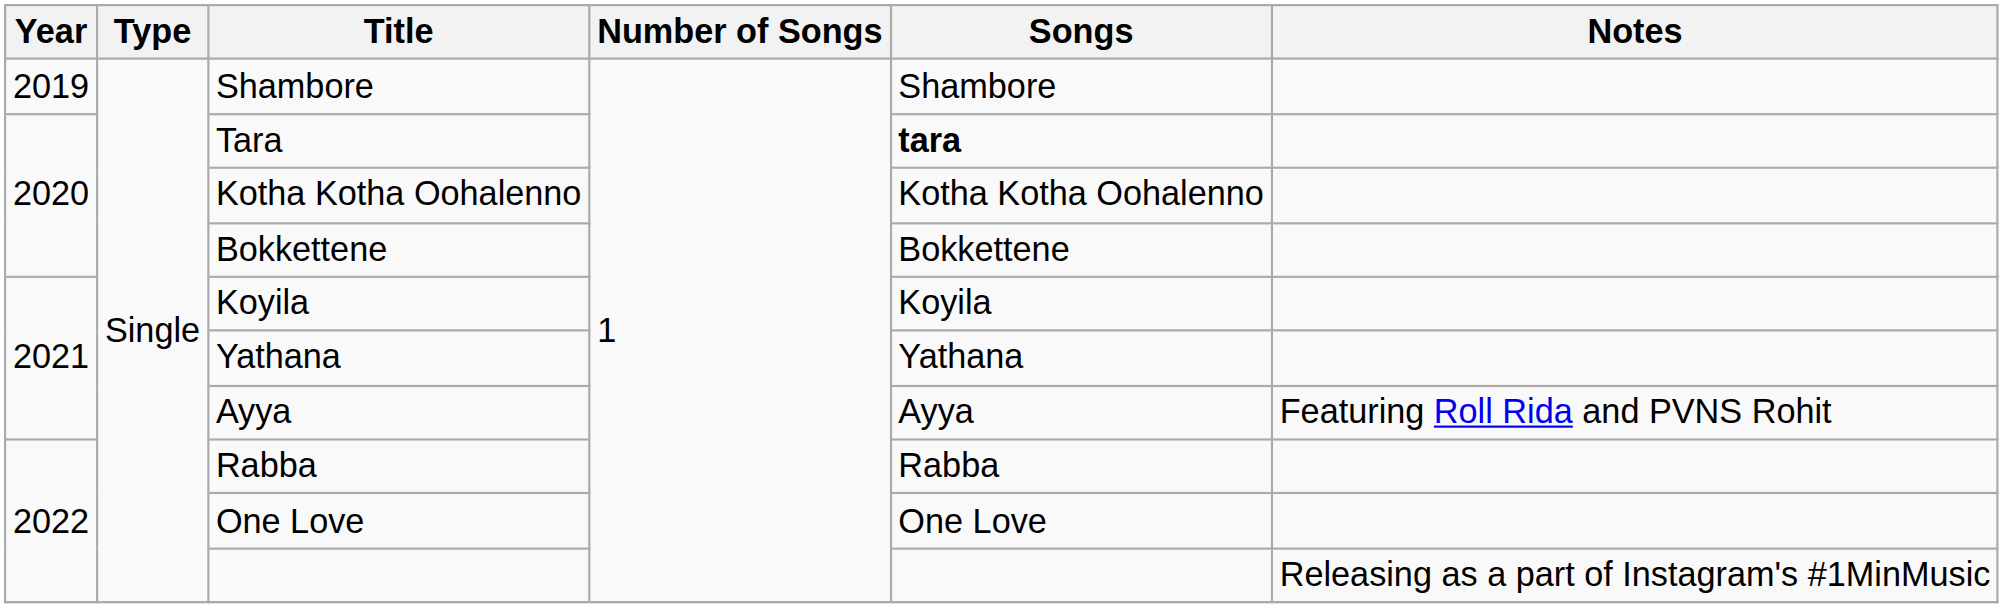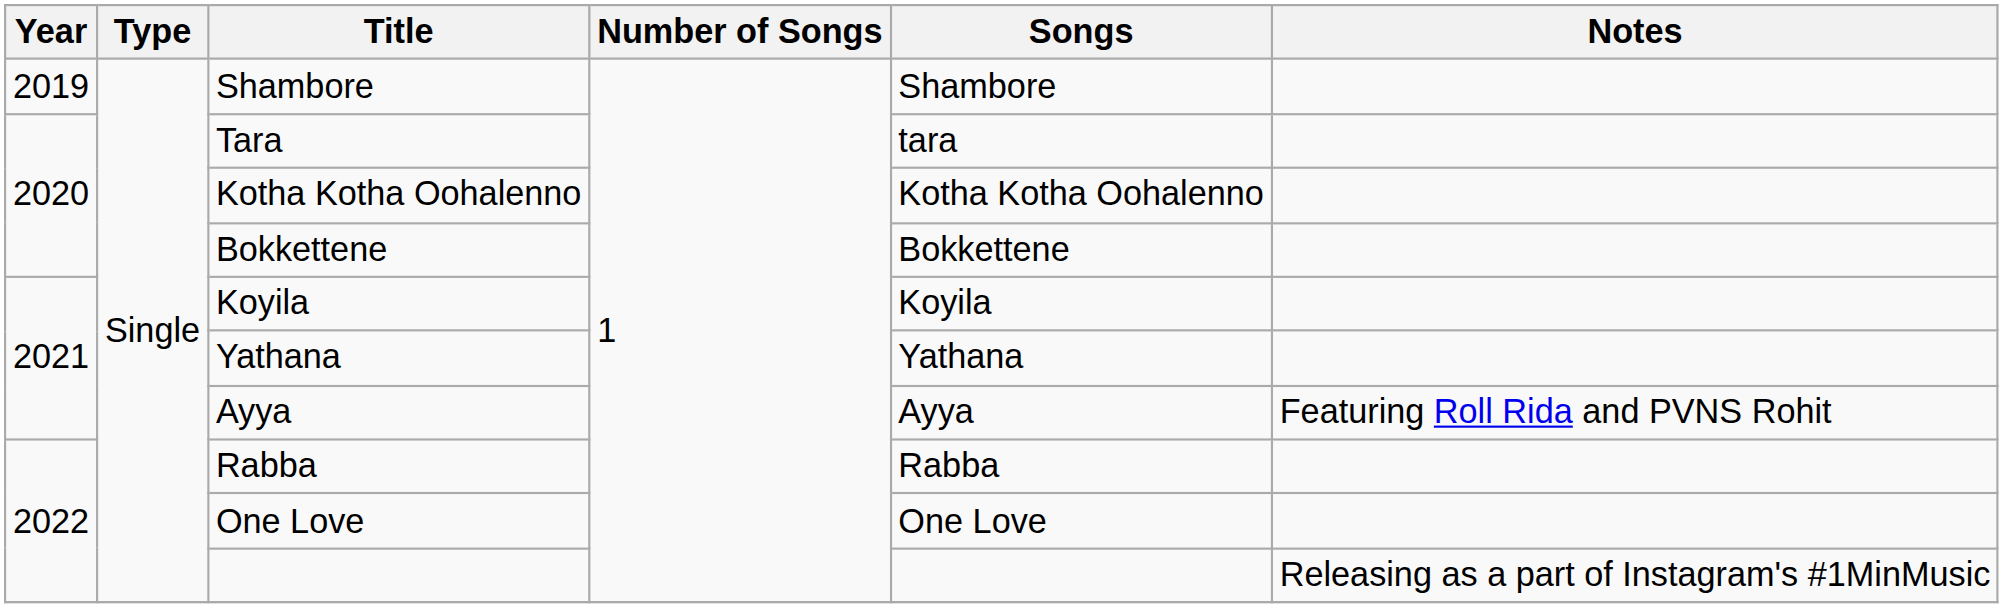 <table class="wikitable sortable">
 <tr style="background:#ccc; text-align:center;">
 <th>Year</th>
 <th>Type</th>
 <th>Title</th>
 <th>Number of Songs</th>
 <th>Songs</th>
 <th>Notes</th>
 </tr>
 <tr>
 <td>2019</td>
 <td rowspan="10">Single</td>
 <td>Shambore</td>
 <td rowspan="10">1</td>
 <td>Shambore</td>
 <td></td>
 </tr>
 <tr>
 <td rowspan="3">2020</td>
 <td>Tara</td>
-<td><strong>tara</strong></td>
+<td>tara</td>
 <td></td>
 </tr>
 <tr>
 <td>Kotha Kotha Oohalenno</td>
 <td>Kotha Kotha Oohalenno</td>
 <td></td>
 </tr>
 <tr>
 <td>Bokkettene</td>
 <td>Bokkettene</td>
 <td></td>
 </tr>
 <tr>
 <td rowspan="3">2021</td>
 <td>Koyila</td>
 <td>Koyila</td>
 <td></td>
 </tr>
 <tr>
 <td>Yathana</td>
 <td>Yathana</td>
 <td></td>
 </tr>
 <tr>
 <td>Ayya</td>
 <td>Ayya</td>
 <td>Featuring <a href='#'>Roll Rida</a> and PVNS Rohit</td>
 </tr>
 <tr>
 <td rowspan="3">2022</td>
 <td>Rabba</td>
 <td>Rabba</td>
 <td></td>
 </tr>
 <tr>
 <td>One Love</td>
 <td>One Love</td>
 <td></td>
 </tr>
 <tr>
 <td></td>
 <td></td>
 <td>Releasing as a part of Instagram's #1MinMusic</td>
 </tr>
 <tr>
 </tr>
 </table>
